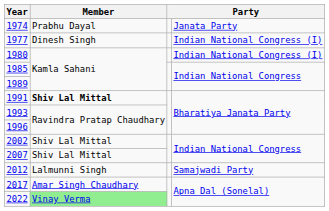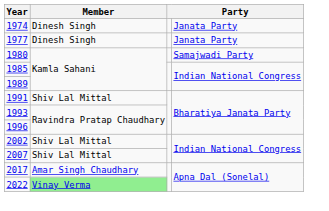 <table class="wikitable">
 <tr>
 <th>Year</th>
 <th>Member</th>
 <th colspan="2">Party</th>
 </tr>
 <tr>
 <td><a href='#'>1974</a></td>
-<td>Prabhu Dayal</td>
+<td>Dinesh Singh</td>
 <td style="background-color: "></td>
 <td><a href='#'>Janata Party</a></td>
 </tr>
 <tr>
 <td><a href='#'>1977</a></td>
 <td>Dinesh Singh</td>
 <td style="background-color: "></td>
-<td><a href='#'>Indian National Congress (I)</a></td>
+<td><a href='#'>Janata Party</a></td>
 </tr>
 <tr>
 <td><a href='#'>1980</a></td>
 <td rowspan="3">Kamla Sahani</td>
 <td style="background-color: "></td>
-<td><a href='#'>Indian National Congress (I)</a></td>
+<td><a href='#'>Samajwadi Party</a></td>
 </tr>
 <tr>
 <td><a href='#'>1985</a></td>
 <td rowspan="2" style="background-color: "></td>
 <td rowspan="2"><a href='#'>Indian National Congress</a></td>
 </tr>
 <tr>
 <td><a href='#'>1989</a></td>
 </tr>
 <tr>
 <td><a href='#'>1991</a></td>
-<td><strong>Shiv Lal Mittal</strong></td>
+<td>Shiv Lal Mittal</td>
 <td rowspan="3" style="background-color: "></td>
 <td rowspan="3"><a href='#'>Bharatiya Janata Party</a></td>
 </tr>
 <tr>
 <td><a href='#'>1993</a></td>
 <td rowspan="2">Ravindra Pratap Chaudhary</td>
 </tr>
 <tr>
 <td><a href='#'>1996</a></td>
 </tr>
 <tr>
 <td><a href='#'>2002</a></td>
 <td>Shiv Lal Mittal</td>
 <td rowspan="2" style="background-color: "></td>
 <td rowspan="2"><a href='#'>Indian National Congress</a></td>
 </tr>
 <tr>
 <td><a href='#'>2007</a></td>
 <td>Shiv Lal Mittal</td>
 </tr>
 <tr>
-<td><a href='#'>2012</a></td>
-<td>Lalmunni Singh</td>
-<td style="background-color: "></td>
-<td><a href='#'>Samajwadi Party</a></td>
-</tr>
-<tr>
 <td><a href='#'>2017</a></td>
 <td><a href='#'>Amar Singh Chaudhary</a></td>
 <td rowspan="2" style="background-color: "></td>
 <td rowspan="2"><a href='#'>Apna Dal (Sonelal)</a></td>
 </tr>
 <tr>
 <td><a href='#'>2022</a></td>
 <td style="background: lightgreen;"><a href='#'>Vinay Verma</a></td>
 </tr>
 </table>
